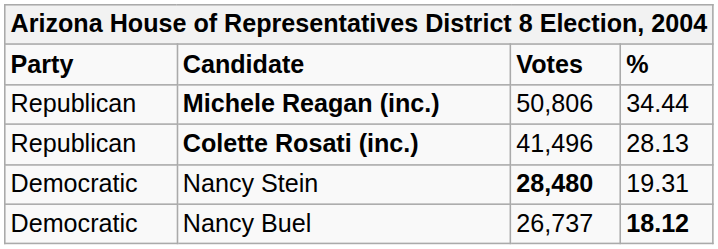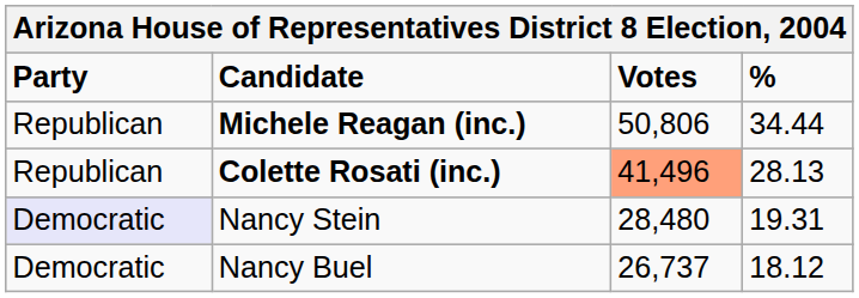 <table class="wikitable">
 <tr>
 <th colspan="4">Arizona House of Representatives District 8 Election, 2004</th>
 </tr>
 <tr>
 <td><strong>Party</strong></td>
 <td><strong>Candidate</strong></td>
 <td><strong>Votes</strong></td>
 <td><strong>%</strong></td>
 </tr>
 <tr>
 <td>Republican</td>
 <td><strong>Michele Reagan (inc.)</strong></td>
 <td>50,806</td>
 <td>34.44</td>
 </tr>
 <tr>
 <td>Republican</td>
 <td><strong>Colette Rosati (inc.)</strong></td>
-<td>41,496</td>
+<td style="background: lightsalmon;">41,496</td>
 <td>28.13</td>
 </tr>
 <tr>
-<td>Democratic</td>
+<td style="background: lavender;">Democratic</td>
 <td>Nancy Stein</td>
-<td><strong>28,480</strong></td>
+<td>28,480</td>
 <td>19.31</td>
 </tr>
 <tr>
 <td>Democratic</td>
 <td>Nancy Buel</td>
 <td>26,737</td>
-<td><strong>18.12</strong></td>
+<td>18.12</td>
 </tr>
 </table>
